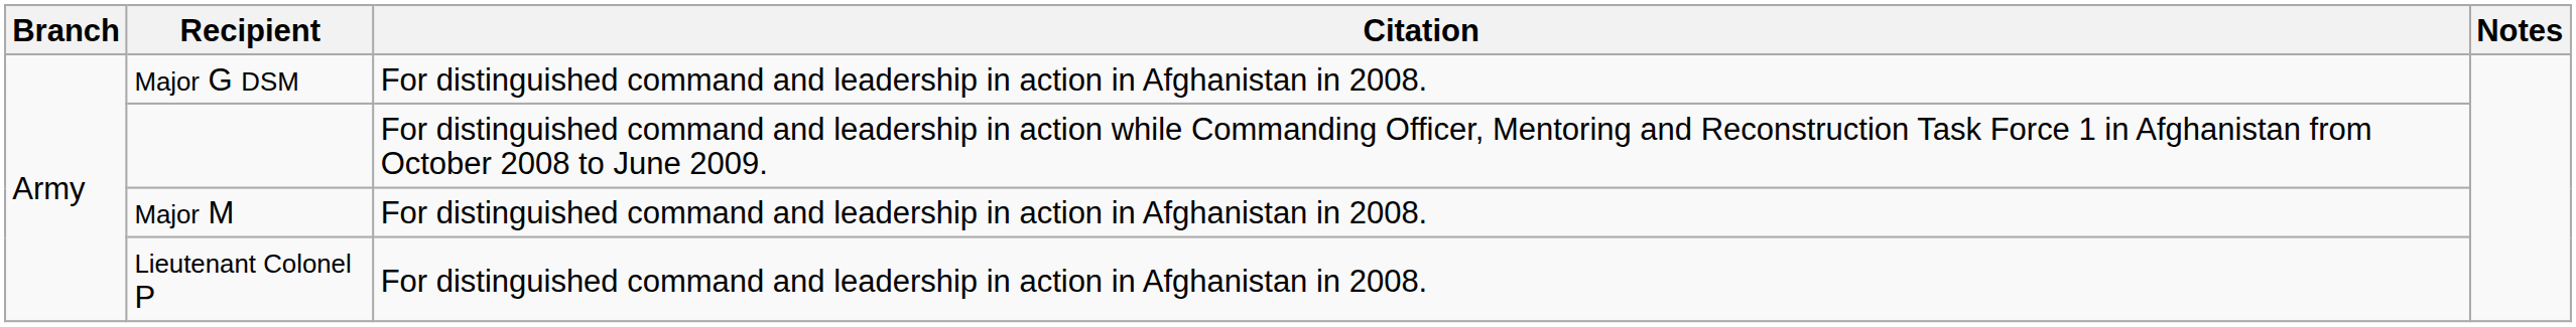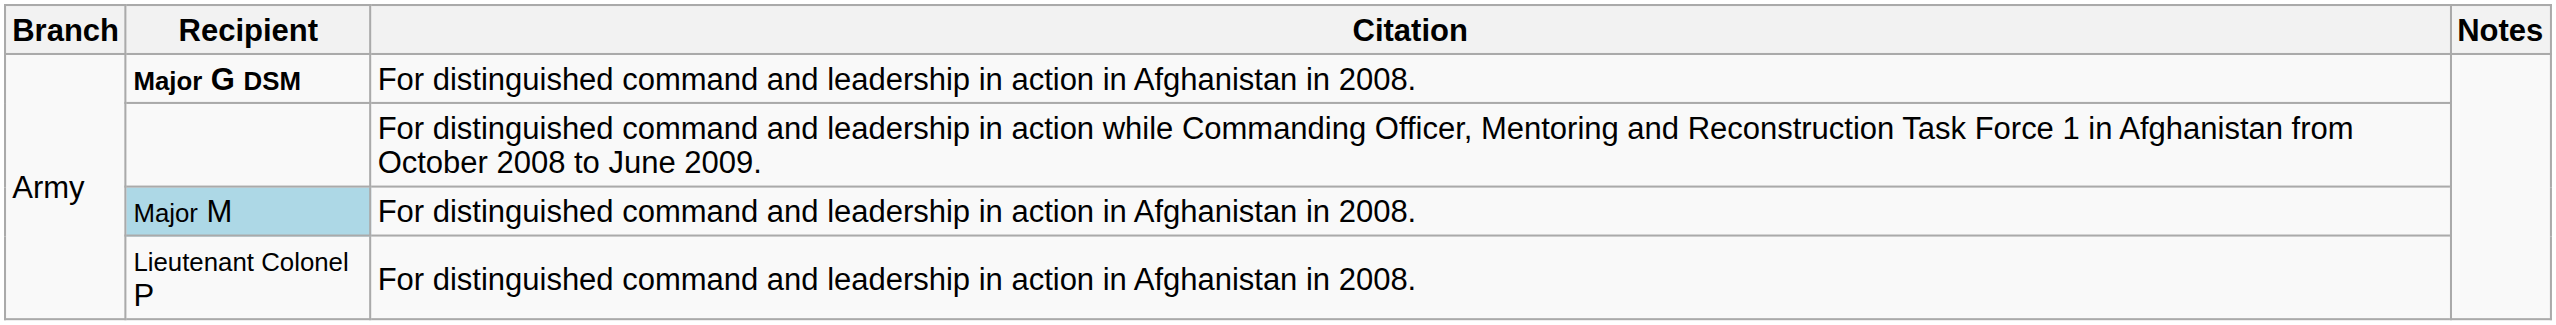 <table class="wikitable" style="font-size:95%;">
 <tr>
 <th>Branch</th>
 <th>Recipient</th>
 <th>Citation</th>
 <th>Notes</th>
 </tr>
 <tr>
 <td rowspan=4>Army</td>
-<td><small>Major</small> G <small>DSM</small></td>
+<td><strong><small>Major</small> G <small>DSM</small></strong></td>
 <td>For distinguished command and leadership in action in Afghanistan in 2008.</td>
 <td rowspan=4></td>
 </tr>
 <tr>
 <td></td>
 <td>For distinguished command and leadership in action while Commanding Officer, Mentoring and Reconstruction Task Force 1 in Afghanistan from October 2008 to June 2009.</td>
 </tr>
 <tr>
-<td><small>Major</small> M</td>
+<td style="background: lightblue;"><small>Major</small> M</td>
 <td>For distinguished command and leadership in action in Afghanistan in 2008.</td>
 </tr>
 <tr>
 <td><small>Lieutenant Colonel</small> P</td>
 <td>For distinguished command and leadership in action in Afghanistan in 2008.</td>
 </tr>
 </table>
